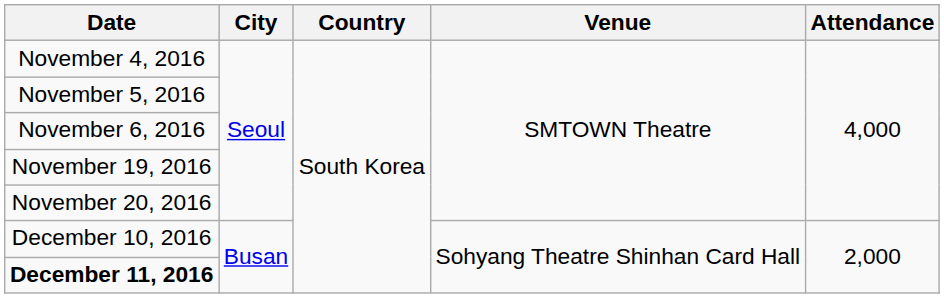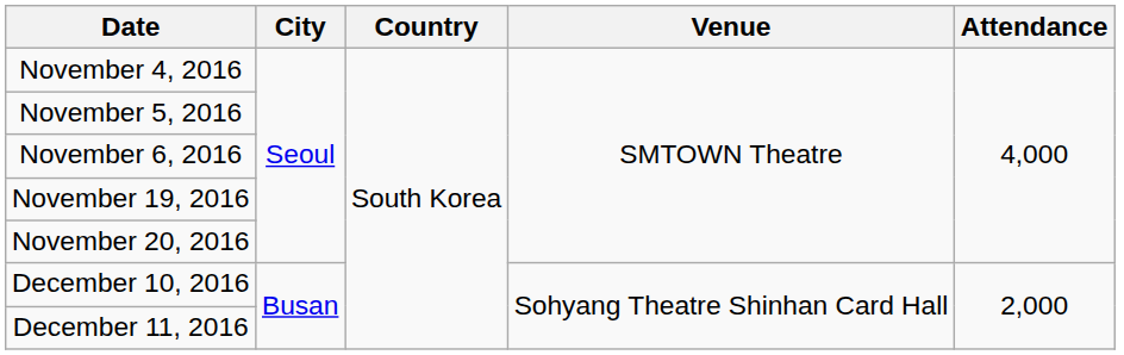 <table class="wikitable plainrowheaders" style="text-align:center;">
 <tr>
 <th>Date</th>
 <th>City</th>
 <th>Country</th>
 <th>Venue</th>
 <th>Attendance</th>
 </tr>
 <tr>
 <td>November 4, 2016</td>
 <td rowspan="5"><a href='#'>Seoul</a></td>
 <td rowspan="7">South Korea</td>
 <td rowspan="5">SMTOWN Theatre</td>
 <td rowspan="5">4,000</td>
 </tr>
 <tr>
 <td>November 5, 2016</td>
 </tr>
 <tr>
 <td>November 6, 2016</td>
 </tr>
 <tr>
 <td>November 19, 2016</td>
 </tr>
 <tr>
 <td>November 20, 2016</td>
 </tr>
 <tr>
 <td>December 10, 2016</td>
 <td rowspan="2"><a href='#'>Busan</a></td>
 <td rowspan="2">Sohyang Theatre Shinhan Card Hall</td>
 <td rowspan="2">2,000</td>
 </tr>
 <tr>
-<td><strong>December 11, 2016</strong></td>
+<td>December 11, 2016</td>
 </tr>
 </table>
